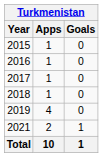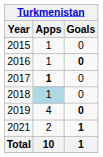 <table class="wikitable" style="text-align:center">
 <tr>
 <th colspan=4><a href='#'>Turkmenistan</a></th>
 </tr>
 <tr>
 <th>Year</th>
 <th>Apps</th>
 <th>Goals</th>
 </tr>
 <tr>
 <td>2015</td>
 <td>1</td>
 <td>0</td>
 </tr>
 <tr>
 <td>2016</td>
 <td>1</td>
-<td>0</td>
+<td><strong>0</strong></td>
 </tr>
 <tr>
 <td>2017</td>
-<td>1</td>
+<td><strong>1</strong></td>
 <td>0</td>
 </tr>
 <tr>
 <td>2018</td>
-<td>1</td>
+<td style="background: lightblue;">1</td>
 <td>0</td>
 </tr>
 <tr>
 <td>2019</td>
 <td>4</td>
-<td>0</td>
+<td><strong>0</strong></td>
 </tr>
 <tr>
 <td>2021</td>
 <td>2</td>
-<td>1</td>
+<td><strong>1</strong></td>
 </tr>
 <tr>
 <th>Total</th>
 <th>10</th>
 <th>1</th>
 </tr>
 </table>
